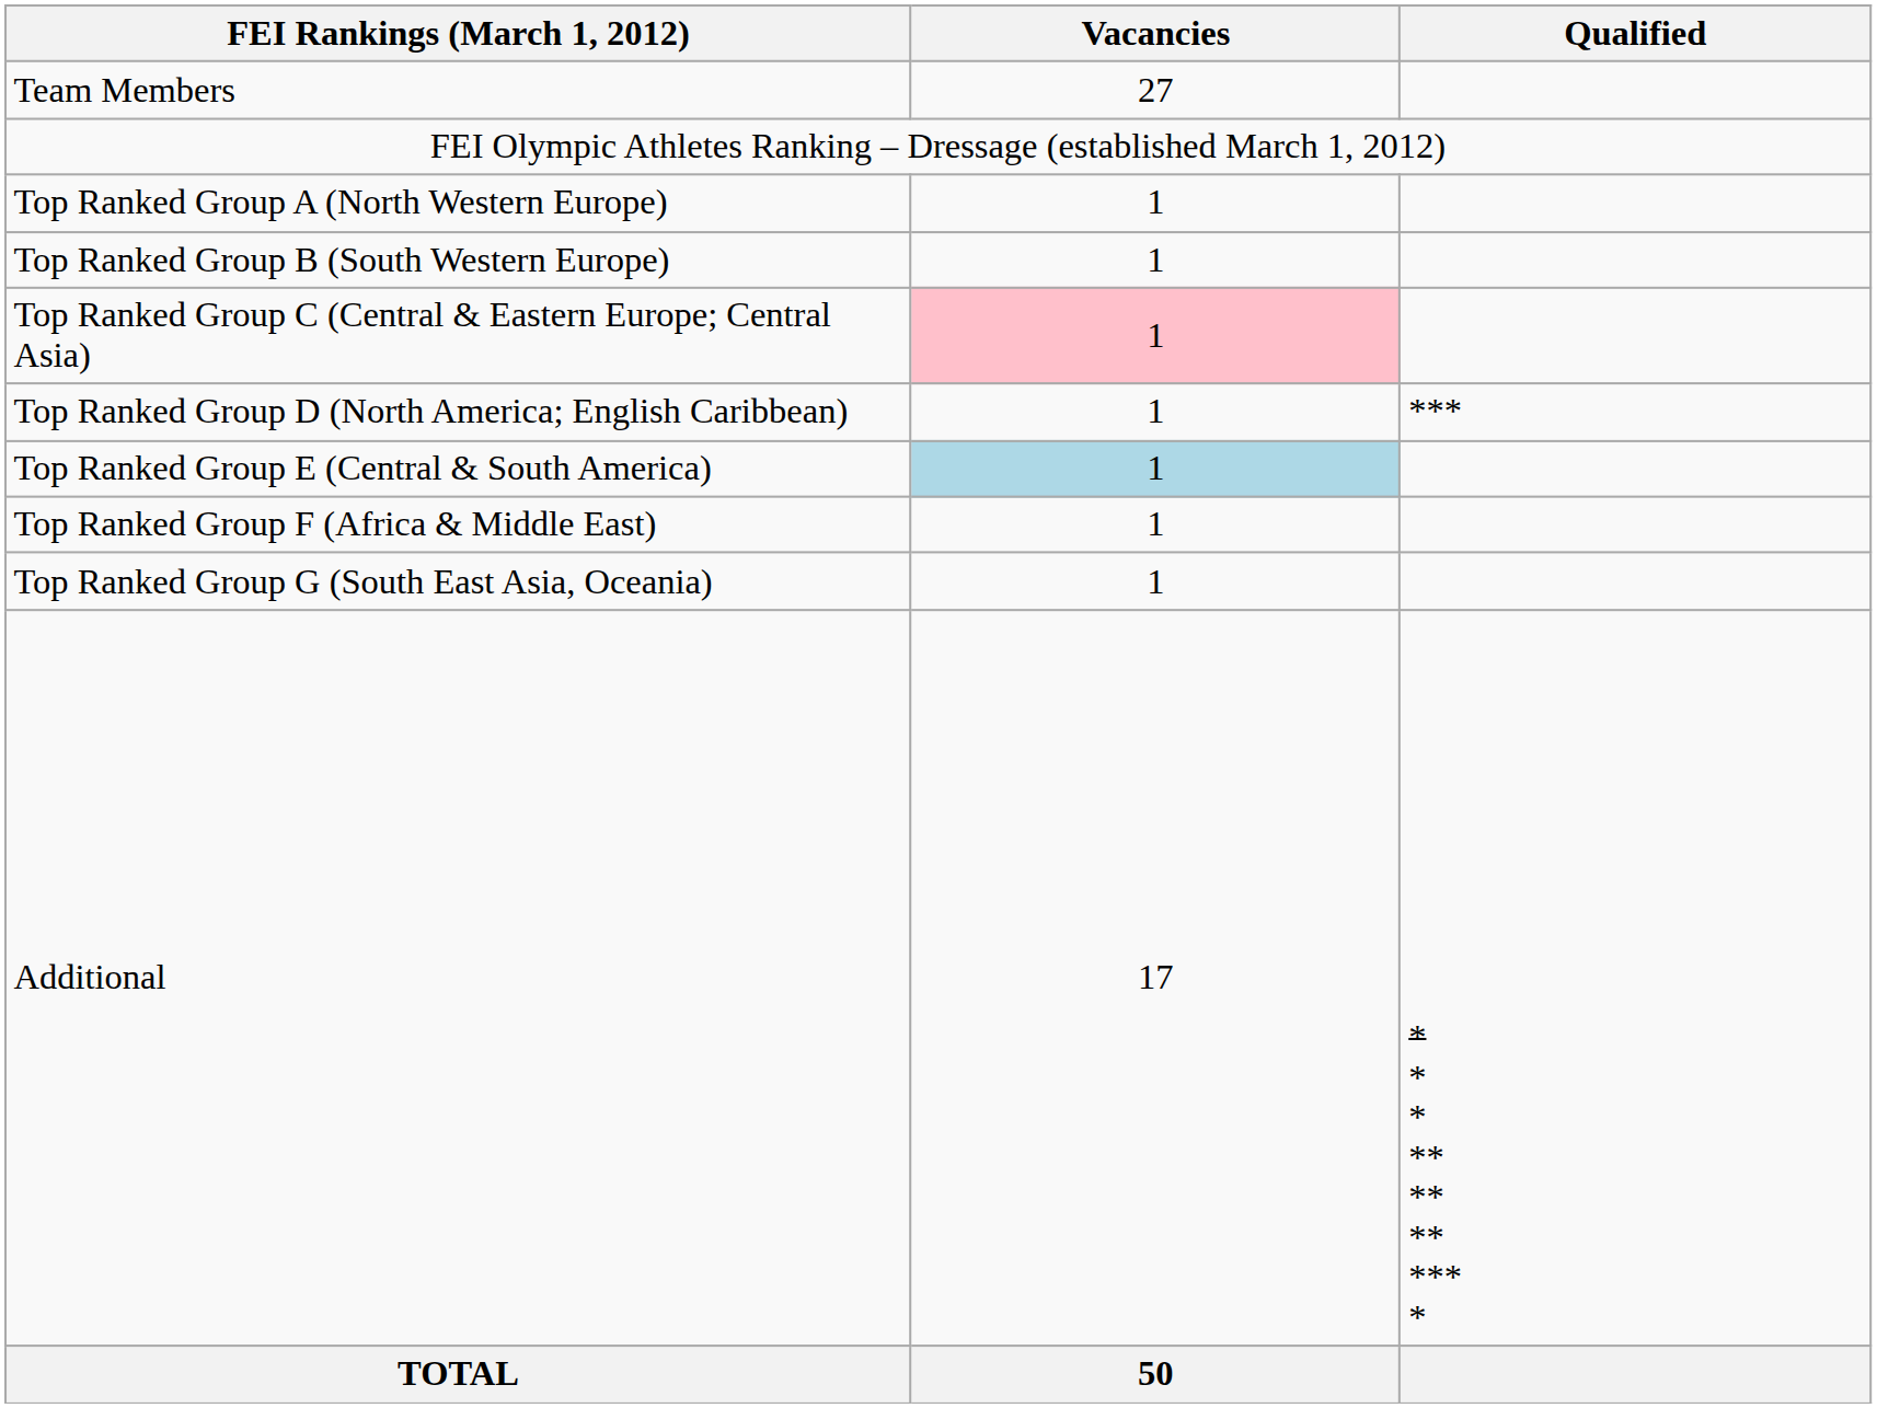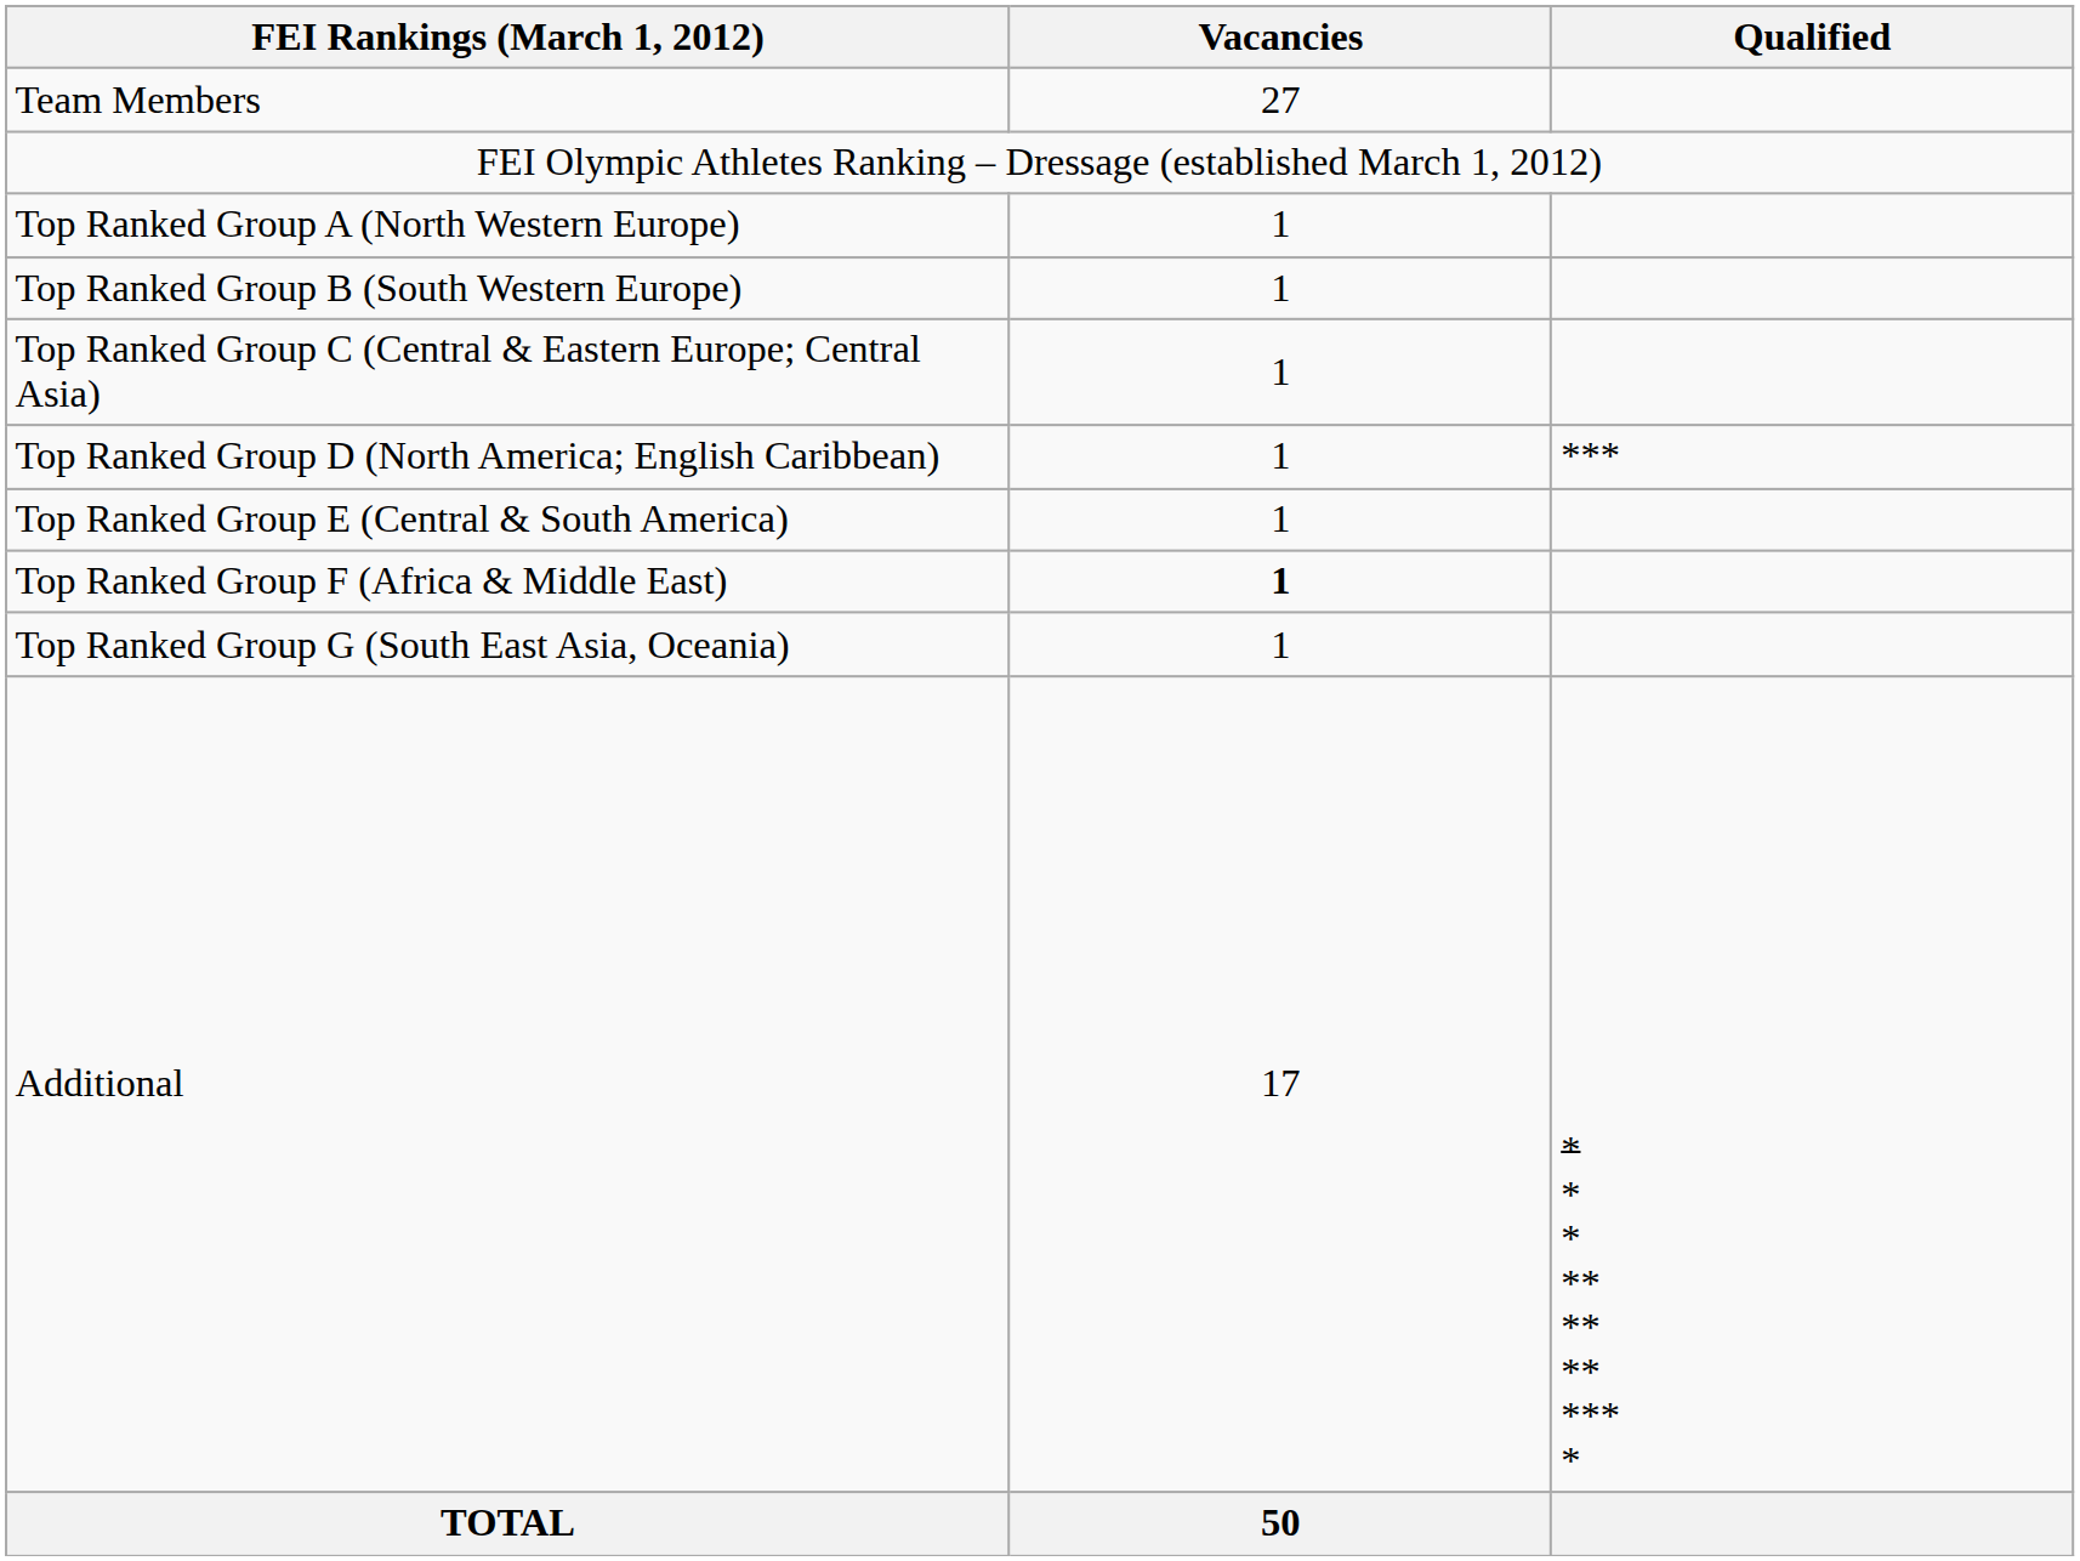 <table class="wikitable" width=95%>
 <tr>
 <th scope="col" width="400">FEI Rankings (March 1, 2012)</th>
 <th>Vacancies</th>
 <th>Qualified</th>
 </tr>
 <tr>
 <td>Team Members</td>
 <td align="center">27</td>
 <td></td>
 </tr>
 <tr>
 <td align="center" colspan="3">FEI Olympic Athletes Ranking – Dressage (established March 1, 2012)</td>
 </tr>
 <tr>
 <td>Top Ranked Group A (North Western Europe)</td>
 <td align="center">1</td>
 <td></td>
 </tr>
 <tr>
 <td>Top Ranked Group B (South Western Europe)</td>
 <td align="center">1</td>
 <td></td>
 </tr>
 <tr>
 <td>Top Ranked Group C (Central & Eastern Europe; Central Asia)</td>
-<td align="center" style="background: pink;">1</td>
+<td align="center">1</td>
 <td></td>
 </tr>
 <tr>
 <td>Top Ranked Group D (North America; English Caribbean)</td>
 <td align="center">1</td>
 <td><s></s>***</td>
 </tr>
 <tr>
 <td>Top Ranked Group E (Central & South America)</td>
-<td align="center" style="background: lightblue;">1</td>
+<td align="center">1</td>
 <td></td>
 </tr>
 <tr>
 <td>Top Ranked Group F (Africa & Middle East)</td>
-<td align="center">1</td>
+<td align="center"><strong>1</strong></td>
 <td></td>
 </tr>
 <tr>
 <td>Top Ranked Group G (South East Asia, Oceania)</td>
 <td align="center">1</td>
 <td></td>
 </tr>
 <tr>
 <td>Additional</td>
 <td align="center">17</td>
 <td><br><br><br><br><br><br><br><br><br><br><s>*</s><br>*<br>*<br>**<br>**<br>**<br>***<br>*</td>
 </tr>
 <tr>
 <th>TOTAL</th>
 <th>50</th>
 <th></th>
 </tr>
 </table>
